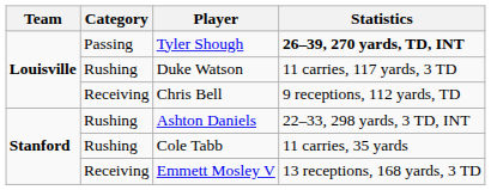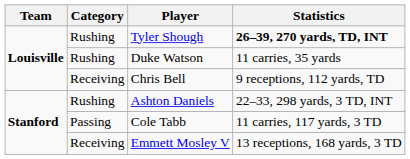 <table class="wikitable" style="float: right;">
 <tr>
 <th>Team</th>
 <th>Category</th>
 <th>Player</th>
 <th>Statistics</th>
 </tr>
 <tr>
 <td rowspan=3><strong>Louisville</strong></td>
-<td>Passing</td>
+<td>Rushing</td>
 <td><a href='#'>Tyler Shough</a></td>
 <td><strong>26–39, 270 yards, TD, INT</strong></td>
 </tr>
 <tr>
 <td>Rushing</td>
 <td>Duke Watson</td>
-<td>11 carries, 117 yards, 3 TD</td>
+<td>11 carries, 35 yards</td>
 </tr>
 <tr>
 <td>Receiving</td>
 <td>Chris Bell</td>
 <td>9 receptions, 112 yards, TD</td>
 </tr>
 <tr>
 <td rowspan=3><strong>Stanford</strong></td>
 <td>Rushing</td>
 <td><a href='#'>Ashton Daniels</a></td>
 <td>22–33, 298 yards, 3 TD, INT</td>
 </tr>
 <tr>
-<td>Rushing</td>
+<td>Passing</td>
 <td>Cole Tabb</td>
-<td>11 carries, 35 yards</td>
+<td>11 carries, 117 yards, 3 TD</td>
 </tr>
 <tr>
 <td>Receiving</td>
 <td><a href='#'>Emmett Mosley V</a></td>
 <td>13 receptions, 168 yards, 3 TD</td>
 </tr>
 </table>
